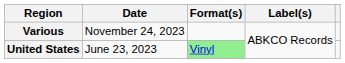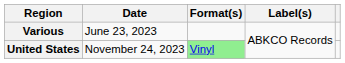 <table class="wikitable plainrowheaders">
 <tr>
 <th scope="col">Region</th>
 <th scope="col">Date</th>
 <th scope="col">Format(s)</th>
 <th scope="col">Label(s)</th>
 <th scope="col"></th>
 </tr>
 <tr>
 <th scope="row">Various</th>
-<td>November 24, 2023</td>
+<td>June 23, 2023</td>
 <td></td>
 <td rowspan="2">ABKCO Records</td>
 <td></td>
 </tr>
 <tr>
 <th scope="row">United States</th>
-<td>June 23, 2023</td>
+<td>November 24, 2023</td>
 <td style="background: lightgreen;"><a href='#'>Vinyl</a></td>
 <td></td>
 </tr>
 </table>
